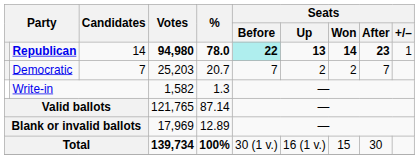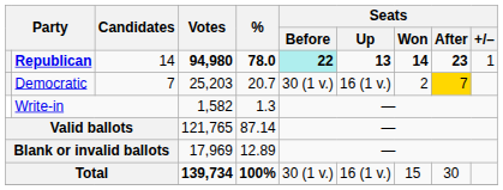 <table class="wikitable">
 <tr>
 <th rowspan="2" colspan="2">Party</th>
 <th rowspan="2">Candidates</th>
 <th rowspan="2">Votes</th>
 <th rowspan="2">%</th>
 <th colspan="5">Seats</th>
 </tr>
 <tr>
 <th>Before<br></th>
 <th>Up</th>
 <th>Won</th>
 <th>After<br></th>
 <th>+/–</th>
 </tr>
 <tr>
 <th style="background-color:"></th>
 <td><strong><a href='#'>Republican</a></strong></td>
 <td align="right">14</td>
 <td align="right"><strong>94,980</strong></td>
 <td align="right"><strong>78.0</strong></td>
 <td align="right" style="background: paleturquoise;"><strong>22</strong></td>
 <td align="right"><strong>13</strong></td>
 <td align="right"><strong>14</strong></td>
 <td align="right"><strong>23</strong></td>
 <td align="right"> 1</td>
 </tr>
 <tr>
 <th style="background-color:"></th>
 <td><a href='#'>Democratic</a></td>
 <td align="right">7</td>
 <td align="right">25,203</td>
 <td align="right">20.7</td>
-<td align="right">7</td>
+<td align="center">30 (1 v.)</td>
+<td align="center">16 (1 v.)</td>
 <td align="right">2</td>
-<td align="right">2</td>
-<td align="right">7</td>
+<td align="right" style="background: gold;">7</td>
 <td align="right"></td>
 </tr>
 <tr>
 <th style="background-color:#ffffff"></th>
 <td colspan=2><a href='#'>Write-in</a></td>
 <td align="right">1,582</td>
 <td align="right">1.3</td>
 <td align="center" colspan="5">—</td>
 </tr>
 <tr>
 <th colspan="3">Valid ballots</th>
 <td align="right">121,765</td>
 <td align="right">87.14</td>
 <td align="center" colspan="5">—</td>
 </tr>
 <tr>
 <th colspan="3">Blank or invalid ballots</th>
 <td align="right">17,969</td>
 <td align="right">12.89</td>
 <td align="center" colspan="5">—</td>
 </tr>
 <tr>
 <th colspan="3">Total</th>
 <td align="right"><strong>139,734</strong></td>
 <td align="right"><strong>100%</strong></td>
 <td align="center">30 (1 v.)</td>
 <td align="center">16 (1 v.)</td>
 <td align="center">15</td>
 <td align="center">30</td>
 <td align="right"></td>
 </tr>
 <tr>
 </tr>
 </table>
